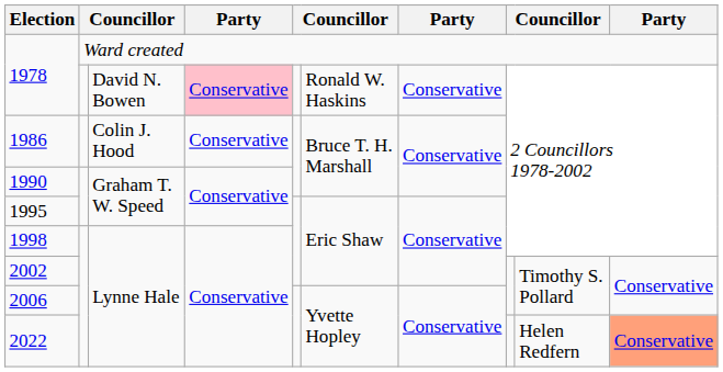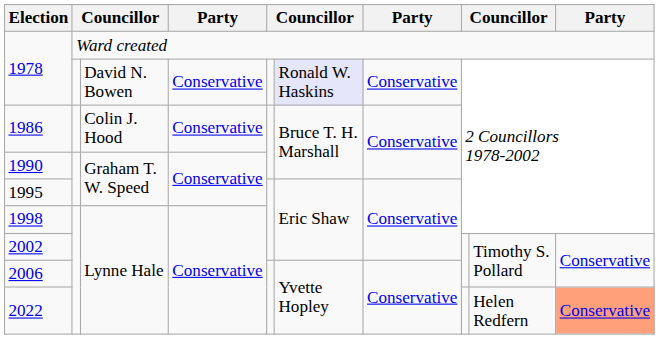 <table class="wikitable">
 <tr>
 <th>Election</th>
 <th colspan="2">Councillor</th>
 <th>Party</th>
 <th colspan="2">Councillor</th>
 <th>Party</th>
 <th colspan="2">Councillor</th>
 <th>Party</th>
 </tr>
 <tr>
 <td rowspan="2"><a href='#'>1978</a></td>
 <td colspan="12"><em>Ward created</em></td>
 </tr>
 <tr>
 <td style="background-color: "></td>
 <td>David N. Bowen</td>
-<td style="background: pink;"><a href='#'>Conservative</a></td>
+<td><a href='#'>Conservative</a></td>
 <td style="background-color: "></td>
-<td>Ronald W. Haskins</td>
+<td style="background: lavender;">Ronald W. Haskins</td>
 <td><a href='#'>Conservative</a></td>
 <td rowspan="5" colspan="3" style="background-color:#FFFFFF"><em>2 Councillors<br>1978-2002</em></td>
 </tr>
 <tr>
 <td><a href='#'>1986</a></td>
 <td style="background-color: "></td>
 <td>Colin J. Hood</td>
 <td><a href='#'>Conservative</a></td>
 <td rowspan="2" style="background-color: "></td>
 <td rowspan="2">Bruce T. H. Marshall</td>
 <td rowspan="2"><a href='#'>Conservative</a></td>
 </tr>
 <tr>
 <td><a href='#'>1990</a></td>
 <td rowspan="2" style="background-color: "></td>
 <td rowspan="2">Graham T. W. Speed</td>
 <td rowspan="2"><a href='#'>Conservative</a></td>
 </tr>
 <tr>
 <td>1995</td>
 <td rowspan="3" style="background-color: "></td>
 <td rowspan="3">Eric Shaw</td>
 <td rowspan="3"><a href='#'>Conservative</a></td>
 </tr>
 <tr>
 <td><a href='#'>1998</a></td>
 <td rowspan="4" style="background-color: "></td>
 <td rowspan="4">Lynne Hale</td>
 <td rowspan="4"><a href='#'>Conservative</a></td>
 </tr>
 <tr>
 <td><a href='#'>2002</a></td>
 <td rowspan="2" style="background-color: "></td>
 <td rowspan="2">Timothy S. Pollard</td>
 <td rowspan="2"><a href='#'>Conservative</a></td>
 </tr>
 <tr>
 <td><a href='#'>2006</a></td>
 <td rowspan="2" style="background-color: "></td>
 <td rowspan="2">Yvette Hopley</td>
 <td rowspan="2"><a href='#'>Conservative</a></td>
 </tr>
 <tr>
 <td><a href='#'>2022</a></td>
 <td style="background-color: "></td>
 <td>Helen Redfern</td>
 <td style="background: lightsalmon;"><a href='#'>Conservative</a></td>
 </tr>
 </table>
